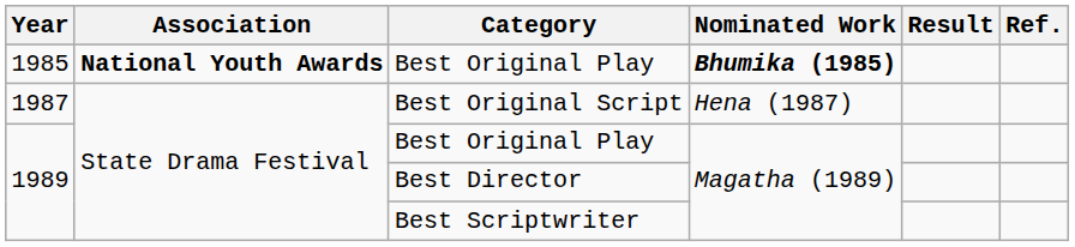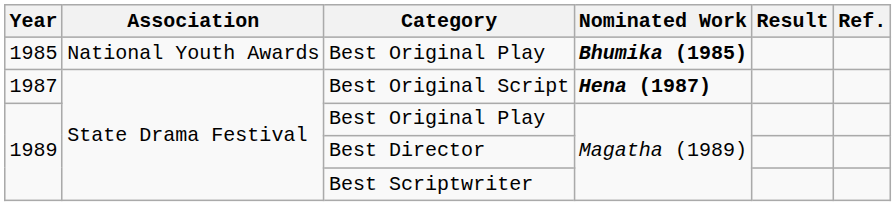 <table class="wikitable">
 <tr>
 <th>Year</th>
 <th>Association</th>
 <th>Category</th>
 <th>Nominated Work</th>
 <th>Result</th>
 <th>Ref.</th>
 </tr>
 <tr>
 <td>1985</td>
-<td><strong>National Youth Awards</strong></td>
+<td>National Youth Awards</td>
 <td>Best Original Play</td>
 <td><strong><em>Bhumika</em> (1985)</strong></td>
 <td></td>
 <td></td>
 </tr>
 <tr>
 <td>1987</td>
 <td rowspan="4">State Drama Festival</td>
 <td>Best Original Script</td>
-<td><em>Hena</em> (1987)</td>
+<td><strong><em>Hena</em> (1987)</strong></td>
 <td></td>
 <td></td>
 </tr>
 <tr>
 <td rowspan="3">1989</td>
 <td>Best Original Play</td>
 <td rowspan="3"><em>Magatha</em> (1989)</td>
 <td></td>
 <td></td>
 </tr>
 <tr>
 <td>Best Director</td>
 <td></td>
 <td></td>
 </tr>
 <tr>
 <td>Best Scriptwriter</td>
 <td></td>
 <td></td>
 </tr>
 </table>
